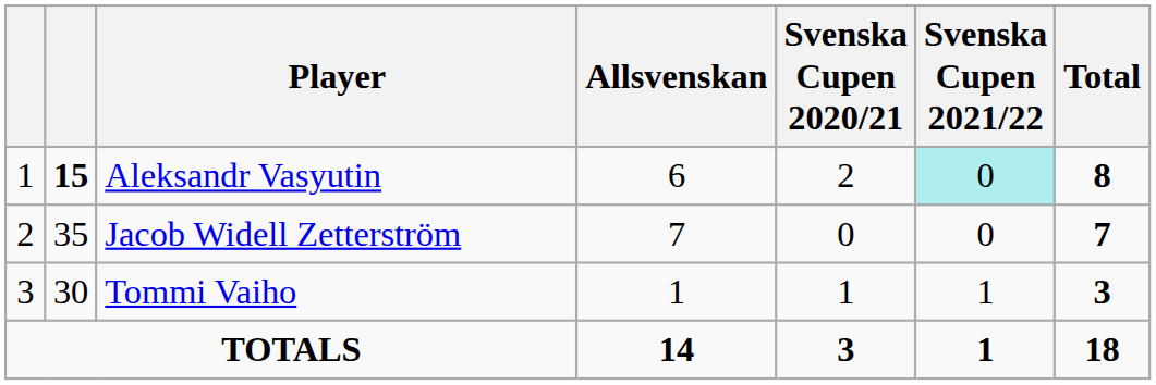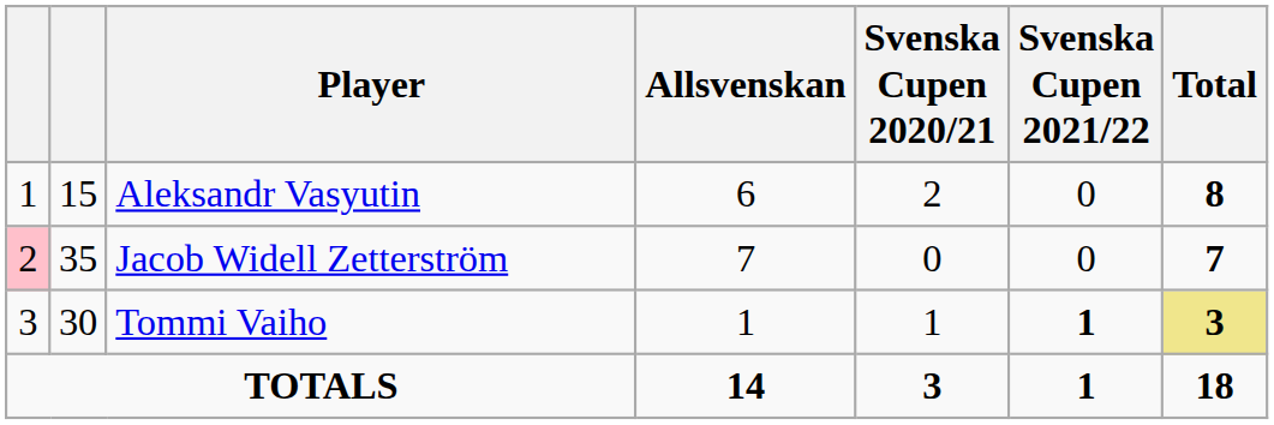 <table class="wikitable sortable" style="font-size: 95%; text-align: center;">
 <tr>
 <th width=10></th>
 <th width=10></th>
 <th width=200>Player</th>
 <th width=50>Allsvenskan</th>
 <th width=50>Svenska Cupen 2020/21</th>
 <th width=50>Svenska Cupen 2021/22</th>
 <th>Total</th>
 </tr>
 <tr>
 <td>1</td>
-<td><strong>15</strong></td>
+<td>15</td>
 <td align="left"> <a href='#'>Aleksandr Vasyutin</a></td>
 <td>6</td>
 <td>2</td>
-<td style="background: paleturquoise;">0</td>
+<td>0</td>
 <td><strong>8</strong></td>
 </tr>
 <tr>
-<td>2</td>
+<td style="background: pink;">2</td>
 <td>35</td>
 <td align="left"> <a href='#'>Jacob Widell Zetterström</a></td>
 <td>7</td>
 <td>0</td>
 <td>0</td>
 <td><strong>7</strong></td>
 </tr>
 <tr>
 <td>3</td>
 <td>30</td>
 <td align="left"> <a href='#'>Tommi Vaiho</a></td>
 <td>1</td>
 <td>1</td>
-<td>1</td>
-<td><strong>3</strong></td>
+<td><strong>1</strong></td>
+<td style="background: khaki;"><strong>3</strong></td>
 </tr>
 <tr>
 <td colspan="3"><strong>TOTALS</strong></td>
 <td><strong>14</strong></td>
 <td><strong>3</strong></td>
 <td><strong>1</strong></td>
 <td><strong>18</strong></td>
 </tr>
 </table>
